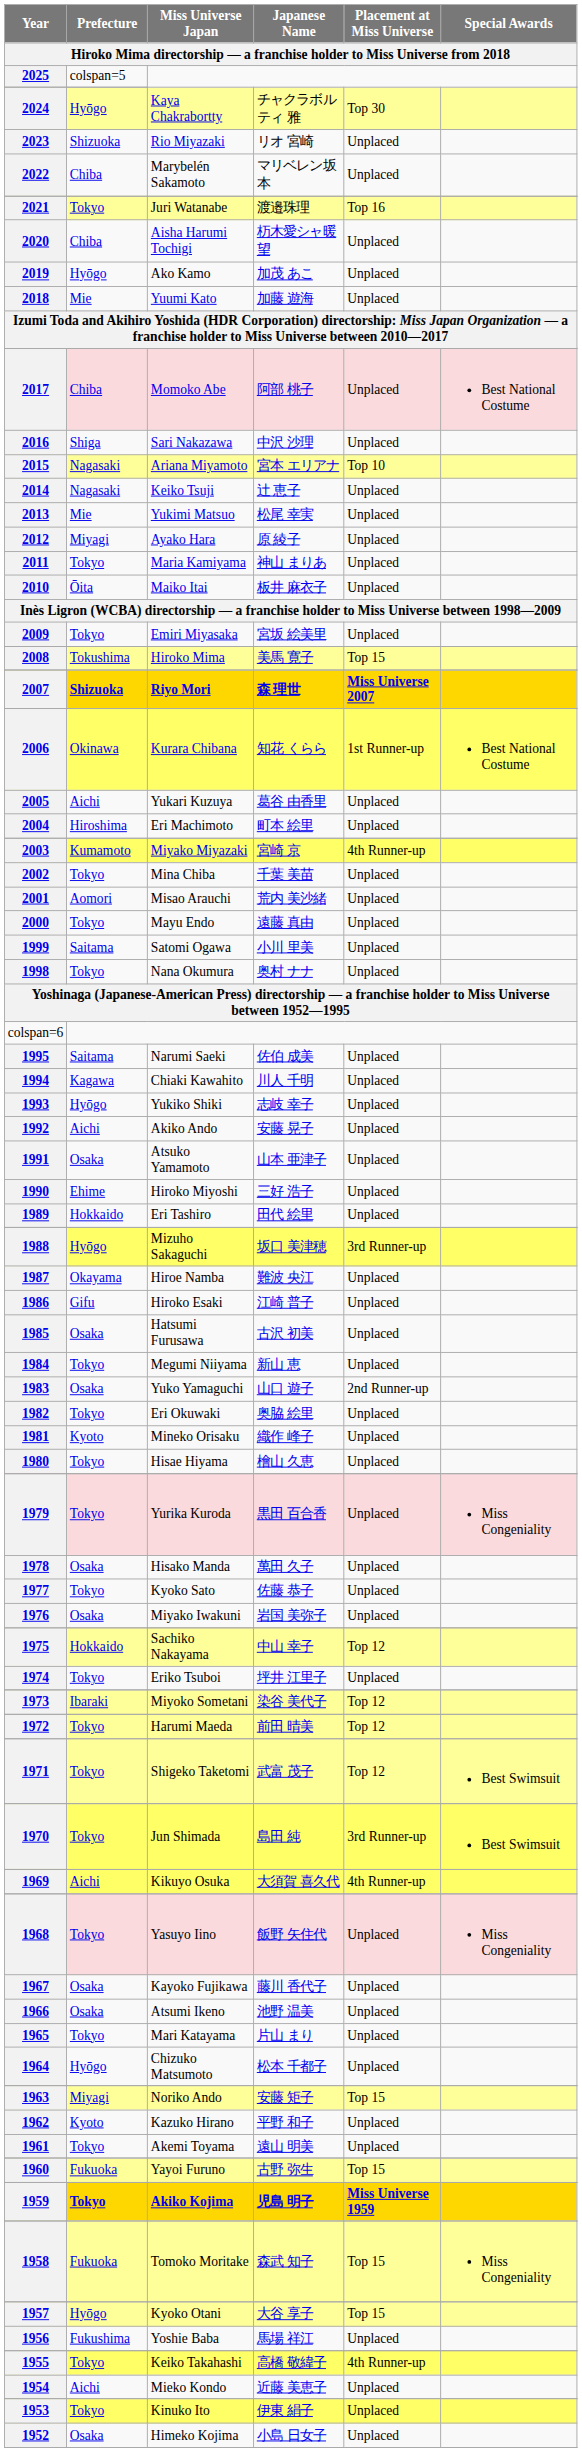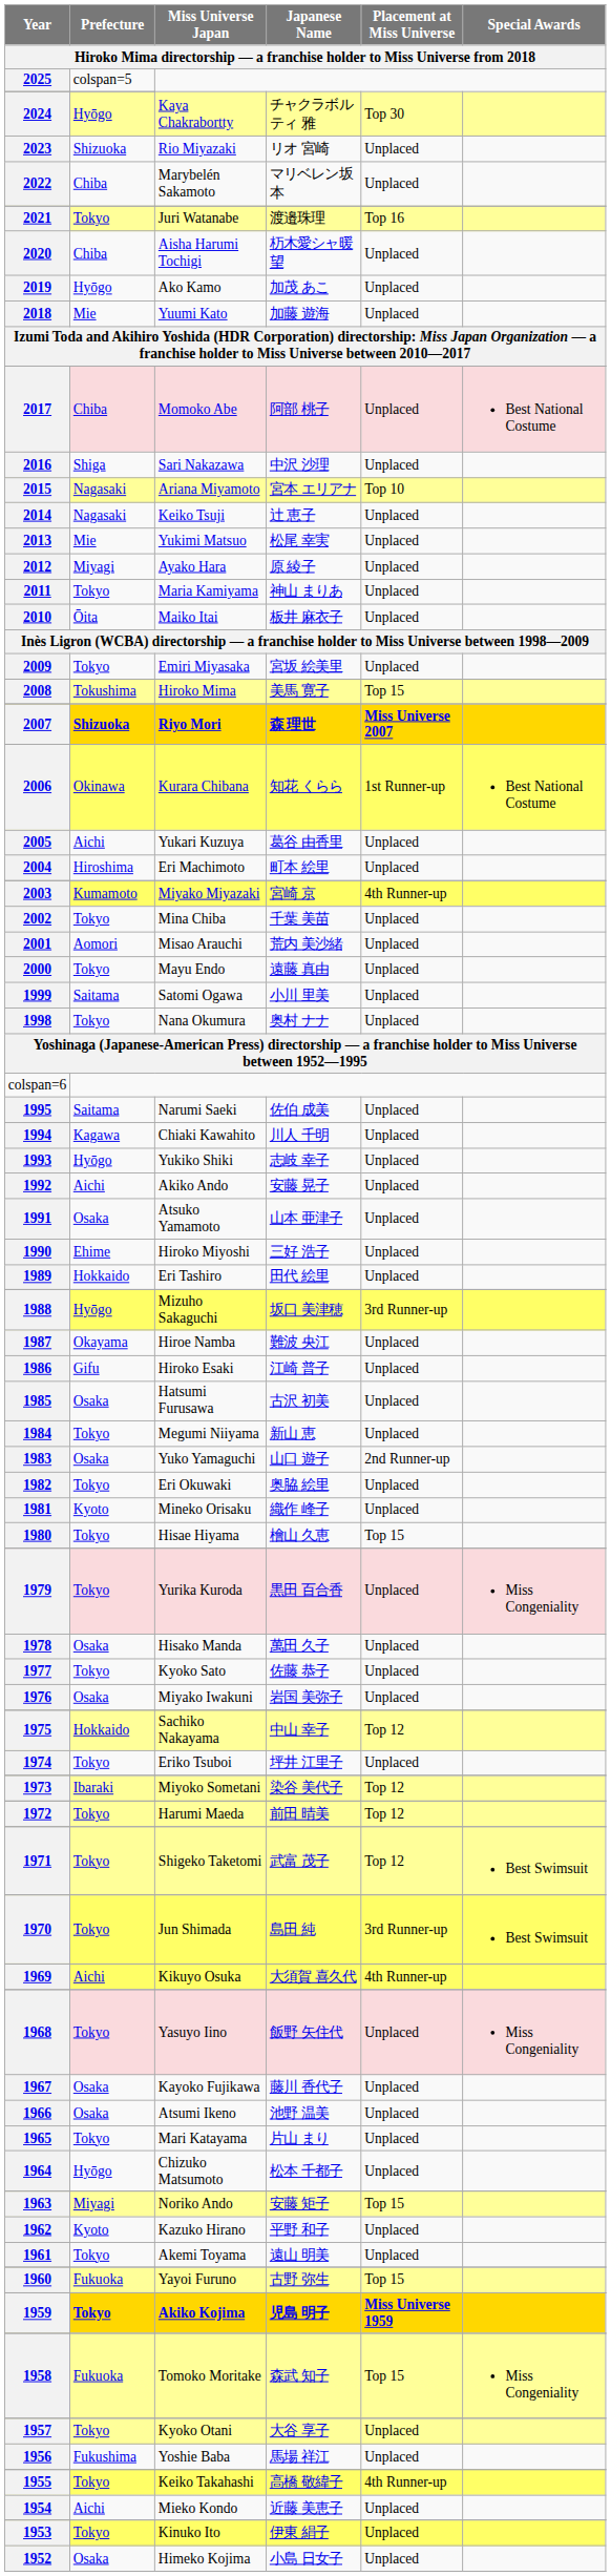 <table class="wikitable " style="font-size: 90%;">
 <tr>
 <th width="60" style="background-color:#787878;color:#FFFFFF;">Year</th>
 <th width="150" style="background-color:#787878;color:#FFFFFF;">Prefecture</th>
 <th width="250" style="background-color:#787878;color:#FFFFFF;">Miss Universe Japan</th>
 <th width="250" style="background-color:#787878;color:#FFFFFF;">Japanese Name</th>
 <th width="250" style="background-color:#787878;color:#FFFFFF;">Placement at Miss Universe</th>
 <th width="250" style="background-color:#787878;color:#FFFFFF;">Special Awards</th>
 </tr>
 <tr>
 <th colspan="6">Hiroko Mima directorship — a franchise holder to Miss Universe from 2018</th>
 </tr>
 <tr>
 <th><a href='#'>2025</a></th>
 <td>colspan=5 </td>
 </tr>
 <tr>
 </tr>
 <tr style="background-color:#FFFF99;">
 <th><a href='#'>2024</a></th>
 <td><a href='#'>Hyōgo</a></td>
 <td><a href='#'>Kaya Chakrabortty</a></td>
 <td>チャクラボルティ 雅</td>
 <td>Top 30</td>
 <td></td>
 </tr>
 <tr>
 <th><a href='#'>2023</a></th>
 <td><a href='#'>Shizuoka</a></td>
 <td><a href='#'>Rio Miyazaki</a></td>
 <td>リオ  宮崎</td>
 <td>Unplaced</td>
 <td></td>
 </tr>
 <tr>
 <th><a href='#'>2022</a></th>
 <td><a href='#'>Chiba</a></td>
 <td>Marybelén Sakamoto</td>
 <td>マリベレン坂本</td>
 <td>Unplaced</td>
 <td></td>
 </tr>
 <tr>
 </tr>
 <tr style="background-color:#FFFF99;">
 <th><a href='#'>2021</a></th>
 <td><a href='#'>Tokyo</a></td>
 <td>Juri Watanabe</td>
 <td>渡邉珠理</td>
 <td>Top 16</td>
 <td></td>
 </tr>
 <tr>
 <th><a href='#'>2020</a></th>
 <td><a href='#'>Chiba</a></td>
 <td><a href='#'>Aisha Harumi Tochigi</a></td>
 <td><a href='#'>杤木愛シャ暖望</a></td>
 <td>Unplaced</td>
 <td></td>
 </tr>
 <tr>
 <th><a href='#'>2019</a></th>
 <td><a href='#'>Hyōgo</a></td>
 <td>Ako Kamo</td>
 <td><a href='#'>加茂 あこ</a></td>
 <td>Unplaced</td>
 <td></td>
 </tr>
 <tr>
 <th><a href='#'>2018</a></th>
 <td><a href='#'>Mie</a></td>
 <td><a href='#'>Yuumi Kato</a></td>
 <td><a href='#'>加藤 遊海</a></td>
 <td>Unplaced</td>
 <td></td>
 </tr>
 <tr>
 <th colspan="6">Izumi Toda and Akihiro Yoshida (HDR Corporation) directorship: <em>Miss Japan Organization</em> — a franchise holder to Miss Universe between 2010―2017</th>
 </tr>
 <tr>
 </tr>
 <tr style="background-color:#FADADD; ">
 <th><a href='#'>2017</a></th>
 <td><a href='#'>Chiba</a></td>
 <td><a href='#'>Momoko Abe</a></td>
 <td><a href='#'>阿部 桃子</a></td>
 <td>Unplaced</td>
 <td align="left"><br><ul><li>Best National Costume</li></ul></td>
 </tr>
 <tr>
 <th><a href='#'>2016</a></th>
 <td><a href='#'>Shiga</a></td>
 <td><a href='#'>Sari Nakazawa</a></td>
 <td><a href='#'>中沢 沙理</a></td>
 <td>Unplaced</td>
 <td></td>
 </tr>
 <tr style="background-color:#FFFF99;">
 <th><a href='#'>2015</a></th>
 <td><a href='#'>Nagasaki</a></td>
 <td><a href='#'>Ariana Miyamoto</a></td>
 <td><a href='#'>宮本 エリアナ</a></td>
 <td>Top 10</td>
 <td></td>
 </tr>
 <tr>
 <th><a href='#'>2014</a></th>
 <td><a href='#'>Nagasaki</a></td>
 <td><a href='#'>Keiko Tsuji</a></td>
 <td><a href='#'>辻 恵子</a></td>
 <td>Unplaced</td>
 <td></td>
 </tr>
 <tr>
 <th><a href='#'>2013</a></th>
 <td><a href='#'>Mie</a></td>
 <td><a href='#'>Yukimi Matsuo</a></td>
 <td><a href='#'>松尾 幸実</a></td>
 <td>Unplaced</td>
 <td></td>
 </tr>
 <tr>
 <th><a href='#'>2012</a></th>
 <td><a href='#'>Miyagi</a></td>
 <td><a href='#'>Ayako Hara</a></td>
 <td><a href='#'>原 綾子</a></td>
 <td>Unplaced</td>
 <td></td>
 </tr>
 <tr>
 <th><a href='#'>2011</a></th>
 <td><a href='#'>Tokyo</a></td>
 <td><a href='#'>Maria Kamiyama</a></td>
 <td><a href='#'>神山 まりあ</a></td>
 <td>Unplaced</td>
 <td></td>
 </tr>
 <tr>
 <th><a href='#'>2010</a></th>
 <td><a href='#'>Ōita</a></td>
 <td><a href='#'>Maiko Itai</a></td>
 <td><a href='#'>板井 麻衣子</a></td>
 <td>Unplaced</td>
 <td></td>
 </tr>
 <tr>
 <th colspan="6">Inès Ligron (WCBA) directorship — a franchise holder to Miss Universe between 1998―2009</th>
 </tr>
 <tr>
 <th><a href='#'>2009</a></th>
 <td><a href='#'>Tokyo</a></td>
 <td><a href='#'>Emiri Miyasaka</a></td>
 <td><a href='#'>宮坂 絵美里</a></td>
 <td>Unplaced</td>
 <td></td>
 </tr>
 <tr>
 </tr>
 <tr style="background-color:#FFFF99;">
 <th><a href='#'>2008</a></th>
 <td><a href='#'>Tokushima</a></td>
 <td><a href='#'>Hiroko Mima</a></td>
 <td><a href='#'>美馬 寛子</a></td>
 <td>Top 15</td>
 <td></td>
 </tr>
 <tr>
 </tr>
 <tr style="background-color:gold; font-weight: bold ">
 <th><a href='#'>2007</a></th>
 <td><a href='#'>Shizuoka</a></td>
 <td><a href='#'>Riyo Mori</a></td>
 <td><a href='#'>森 理世</a></td>
 <td><a href='#'>Miss Universe 2007</a></td>
 <td></td>
 </tr>
 <tr>
 </tr>
 <tr style="background-color:#FFFF66; ">
 <th><a href='#'>2006</a></th>
 <td><a href='#'>Okinawa</a></td>
 <td><a href='#'>Kurara Chibana</a></td>
 <td><a href='#'>知花 くらら</a></td>
 <td>1st Runner-up</td>
 <td align="left"><br><ul><li>Best National Costume</li></ul></td>
 </tr>
 <tr>
 <th><a href='#'>2005</a></th>
 <td><a href='#'>Aichi</a></td>
 <td>Yukari Kuzuya</td>
 <td><a href='#'>葛谷 由香里</a></td>
 <td>Unplaced</td>
 <td></td>
 </tr>
 <tr>
 <th><a href='#'>2004</a></th>
 <td><a href='#'>Hiroshima</a></td>
 <td>Eri Machimoto</td>
 <td><a href='#'>町本 絵里</a></td>
 <td>Unplaced</td>
 <td></td>
 </tr>
 <tr>
 </tr>
 <tr style="background-color:#FFFF66;">
 <th><a href='#'>2003</a></th>
 <td><a href='#'>Kumamoto</a></td>
 <td><a href='#'>Miyako Miyazaki</a></td>
 <td><a href='#'>宮崎 京</a></td>
 <td>4th Runner-up</td>
 <td></td>
 </tr>
 <tr>
 <th><a href='#'>2002</a></th>
 <td><a href='#'>Tokyo</a></td>
 <td>Mina Chiba</td>
 <td><a href='#'>千葉 美苗</a></td>
 <td>Unplaced</td>
 <td></td>
 </tr>
 <tr>
 <th><a href='#'>2001</a></th>
 <td><a href='#'>Aomori</a></td>
 <td>Misao Arauchi</td>
 <td><a href='#'>荒内 美沙緒</a></td>
 <td>Unplaced</td>
 <td></td>
 </tr>
 <tr>
 <th><a href='#'>2000</a></th>
 <td><a href='#'>Tokyo</a></td>
 <td>Mayu Endo</td>
 <td><a href='#'>遠藤 真由</a></td>
 <td>Unplaced</td>
 <td></td>
 </tr>
 <tr>
 <th><a href='#'>1999</a></th>
 <td><a href='#'>Saitama</a></td>
 <td>Satomi Ogawa</td>
 <td><a href='#'>小川 里美</a></td>
 <td>Unplaced</td>
 <td></td>
 </tr>
 <tr>
 <th><a href='#'>1998</a></th>
 <td><a href='#'>Tokyo</a></td>
 <td>Nana Okumura</td>
 <td><a href='#'>奥村 ナナ</a></td>
 <td>Unplaced</td>
 <td></td>
 </tr>
 <tr>
 <th colspan="6">Yoshinaga (Japanese-American Press) directorship — a franchise holder to Miss Universe between 1952―1995</th>
 </tr>
 <tr>
 <td>colspan=6 </td>
 </tr>
 <tr>
 <th><a href='#'>1995</a></th>
 <td><a href='#'>Saitama</a></td>
 <td>Narumi Saeki</td>
 <td><a href='#'>佐伯 成美</a></td>
 <td>Unplaced</td>
 <td></td>
 </tr>
 <tr>
 <th><a href='#'>1994</a></th>
 <td><a href='#'>Kagawa</a></td>
 <td>Chiaki Kawahito</td>
 <td><a href='#'>川人 千明</a></td>
 <td>Unplaced</td>
 <td></td>
 </tr>
 <tr>
 <th><a href='#'>1993</a></th>
 <td><a href='#'>Hyōgo</a></td>
 <td>Yukiko Shiki</td>
 <td><a href='#'>志岐 幸子</a></td>
 <td>Unplaced</td>
 <td></td>
 </tr>
 <tr>
 <th><a href='#'>1992</a></th>
 <td><a href='#'>Aichi</a></td>
 <td>Akiko Ando</td>
 <td><a href='#'>安藤 晃子</a></td>
 <td>Unplaced</td>
 <td></td>
 </tr>
 <tr>
 <th><a href='#'>1991</a></th>
 <td><a href='#'>Osaka</a></td>
 <td>Atsuko Yamamoto</td>
 <td><a href='#'>山本 亜津子</a></td>
 <td>Unplaced</td>
 <td></td>
 </tr>
 <tr>
 <th><a href='#'>1990</a></th>
 <td><a href='#'>Ehime</a></td>
 <td>Hiroko Miyoshi</td>
 <td><a href='#'>三好 浩子</a></td>
 <td>Unplaced</td>
 <td></td>
 </tr>
 <tr>
 <th><a href='#'>1989</a></th>
 <td><a href='#'>Hokkaido</a></td>
 <td>Eri Tashiro</td>
 <td><a href='#'>田代 絵里</a></td>
 <td>Unplaced</td>
 <td></td>
 </tr>
 <tr>
 </tr>
 <tr style="background-color:#FFFF66;">
 <th><a href='#'>1988</a></th>
 <td><a href='#'>Hyōgo</a></td>
 <td>Mizuho Sakaguchi</td>
 <td><a href='#'>坂口 美津穂</a></td>
 <td>3rd Runner-up</td>
 <td></td>
 </tr>
 <tr>
 <th><a href='#'>1987</a></th>
 <td><a href='#'>Okayama</a></td>
 <td>Hiroe Namba</td>
 <td><a href='#'>難波 央江</a></td>
 <td>Unplaced</td>
 <td></td>
 </tr>
 <tr>
 <th><a href='#'>1986</a></th>
 <td><a href='#'>Gifu</a></td>
 <td>Hiroko Esaki</td>
 <td><a href='#'>江崎 普子</a></td>
 <td>Unplaced</td>
 <td></td>
 </tr>
 <tr>
 <th><a href='#'>1985</a></th>
 <td><a href='#'>Osaka</a></td>
 <td>Hatsumi Furusawa</td>
 <td><a href='#'>古沢 初美</a></td>
 <td>Unplaced</td>
 <td></td>
 </tr>
 <tr>
 <th><a href='#'>1984</a></th>
 <td><a href='#'>Tokyo</a></td>
 <td>Megumi Niiyama</td>
 <td><a href='#'>新山 恵</a></td>
 <td>Unplaced</td>
 <td></td>
 </tr>
 <tr>
 <th><a href='#'>1983</a></th>
 <td><a href='#'>Osaka</a></td>
 <td>Yuko Yamaguchi</td>
 <td><a href='#'>山口 遊子</a></td>
 <td>2nd Runner-up</td>
 <td></td>
 </tr>
 <tr>
 <th><a href='#'>1982</a></th>
 <td><a href='#'>Tokyo</a></td>
 <td>Eri Okuwaki</td>
 <td><a href='#'>奥脇 絵里</a></td>
 <td>Unplaced</td>
 <td></td>
 </tr>
 <tr>
 <th><a href='#'>1981</a></th>
 <td><a href='#'>Kyoto</a></td>
 <td>Mineko Orisaku</td>
 <td><a href='#'>織作 峰子</a></td>
 <td>Unplaced</td>
 <td></td>
 </tr>
 <tr>
 <th><a href='#'>1980</a></th>
 <td><a href='#'>Tokyo</a></td>
 <td>Hisae Hiyama</td>
 <td><a href='#'>檜山 久恵</a></td>
-<td>Unplaced</td>
+<td>Top 15</td>
 <td></td>
 </tr>
 <tr>
 </tr>
 <tr style="background-color:#FADADD; ">
 <th><a href='#'>1979</a></th>
 <td><a href='#'>Tokyo</a></td>
 <td>Yurika Kuroda</td>
 <td><a href='#'>黒田 百合香</a></td>
 <td>Unplaced</td>
 <td align="left"><br><ul><li>Miss Congeniality</li></ul></td>
 </tr>
 <tr>
 <th><a href='#'>1978</a></th>
 <td><a href='#'>Osaka</a></td>
 <td>Hisako Manda</td>
 <td><a href='#'>萬田 久子</a></td>
 <td>Unplaced</td>
 <td></td>
 </tr>
 <tr>
 <th><a href='#'>1977</a></th>
 <td><a href='#'>Tokyo</a></td>
 <td>Kyoko Sato</td>
 <td><a href='#'>佐藤 恭子</a></td>
 <td>Unplaced</td>
 <td></td>
 </tr>
 <tr>
 <th><a href='#'>1976</a></th>
 <td><a href='#'>Osaka</a></td>
 <td>Miyako Iwakuni</td>
 <td><a href='#'>岩国 美弥子</a></td>
 <td>Unplaced</td>
 <td></td>
 </tr>
 <tr>
 </tr>
 <tr style="background-color:#FFFF99;">
 <th><a href='#'>1975</a></th>
 <td><a href='#'>Hokkaido</a></td>
 <td>Sachiko Nakayama</td>
 <td><a href='#'>中山 幸子</a></td>
 <td>Top 12</td>
 <td></td>
 </tr>
 <tr>
 <th><a href='#'>1974</a></th>
 <td><a href='#'>Tokyo</a></td>
 <td>Eriko Tsuboi</td>
 <td><a href='#'>坪井 江里子</a></td>
 <td>Unplaced</td>
 <td></td>
 </tr>
 <tr>
 </tr>
 <tr style="background-color:#FFFF99;">
 <th><a href='#'>1973</a></th>
 <td><a href='#'>Ibaraki</a></td>
 <td>Miyoko Sometani</td>
 <td><a href='#'>染谷 美代子</a></td>
 <td>Top 12</td>
 <td></td>
 </tr>
 <tr>
 </tr>
 <tr style="background-color:#FFFF99;">
 <th><a href='#'>1972</a></th>
 <td><a href='#'>Tokyo</a></td>
 <td>Harumi Maeda</td>
 <td><a href='#'>前田 晴美</a></td>
 <td>Top 12</td>
 <td></td>
 </tr>
 <tr>
 </tr>
 <tr style="background-color:#FFFF99;">
 <th><a href='#'>1971</a></th>
 <td><a href='#'>Tokyo</a></td>
 <td>Shigeko Taketomi</td>
 <td><a href='#'>武富 茂子</a></td>
 <td>Top 12</td>
 <td align="left"><br><ul><li>Best Swimsuit</li></ul></td>
 </tr>
 <tr>
 </tr>
 <tr style="background-color:#FFFF66;">
 <th><a href='#'>1970</a></th>
 <td><a href='#'>Tokyo</a></td>
 <td>Jun Shimada</td>
 <td><a href='#'>島田 純</a></td>
 <td>3rd Runner-up</td>
 <td align="left"><br><ul><li>Best Swimsuit</li></ul></td>
 </tr>
 <tr>
 </tr>
 <tr style="background-color:#FFFF66;">
 <th><a href='#'>1969</a></th>
 <td><a href='#'>Aichi</a></td>
 <td>Kikuyo Osuka</td>
 <td><a href='#'>大須賀 喜久代</a></td>
 <td>4th Runner-up</td>
 <td></td>
 </tr>
 <tr>
 </tr>
 <tr style="background-color:#FADADD; ">
 <th><a href='#'>1968</a></th>
 <td><a href='#'>Tokyo</a></td>
 <td>Yasuyo Iino</td>
 <td><a href='#'>飯野 矢住代</a></td>
 <td>Unplaced</td>
 <td align="left"><br><ul><li>Miss Congeniality</li></ul></td>
 </tr>
 <tr>
 <th><a href='#'>1967</a></th>
 <td><a href='#'>Osaka</a></td>
 <td>Kayoko Fujikawa</td>
 <td><a href='#'>藤川 香代子</a></td>
 <td>Unplaced</td>
 <td></td>
 </tr>
 <tr>
 <th><a href='#'>1966</a></th>
 <td><a href='#'>Osaka</a></td>
 <td>Atsumi Ikeno</td>
 <td><a href='#'>池野 温美</a></td>
 <td>Unplaced</td>
 <td></td>
 </tr>
 <tr>
 <th><a href='#'>1965</a></th>
 <td><a href='#'>Tokyo</a></td>
 <td>Mari Katayama</td>
 <td><a href='#'>片山 まり</a></td>
 <td>Unplaced</td>
 <td></td>
 </tr>
 <tr>
 <th><a href='#'>1964</a></th>
 <td><a href='#'>Hyōgo</a></td>
 <td>Chizuko Matsumoto</td>
 <td><a href='#'>松本 千都子</a></td>
 <td>Unplaced</td>
 <td></td>
 </tr>
 <tr>
 </tr>
 <tr style="background-color:#FFFF99;">
 <th><a href='#'>1963</a></th>
 <td><a href='#'>Miyagi</a></td>
 <td>Noriko Ando</td>
 <td><a href='#'>安藤 矩子</a></td>
 <td>Top 15</td>
 <td></td>
 </tr>
 <tr>
 <th><a href='#'>1962</a></th>
 <td><a href='#'>Kyoto</a></td>
 <td>Kazuko Hirano</td>
 <td><a href='#'>平野 和子</a></td>
 <td>Unplaced</td>
 <td></td>
 </tr>
 <tr>
 <th><a href='#'>1961</a></th>
 <td><a href='#'>Tokyo</a></td>
 <td>Akemi Toyama</td>
 <td><a href='#'>遠山 明美</a></td>
 <td>Unplaced</td>
 <td></td>
 </tr>
 <tr>
 </tr>
 <tr style="background-color:#FFFF99;">
 <th><a href='#'>1960</a></th>
 <td><a href='#'>Fukuoka</a></td>
 <td>Yayoi Furuno</td>
 <td><a href='#'>古野 弥生</a></td>
 <td>Top 15</td>
 <td></td>
 </tr>
 <tr>
 </tr>
 <tr style="background-color:gold; font-weight: bold ">
 <th><a href='#'>1959</a></th>
 <td><a href='#'>Tokyo</a></td>
 <td><a href='#'>Akiko Kojima</a></td>
 <td><a href='#'>児島 明子</a></td>
 <td><a href='#'>Miss Universe 1959</a></td>
 <td></td>
 </tr>
 <tr>
 </tr>
 <tr style="background-color:#FFFF99;">
 <th><a href='#'>1958</a></th>
 <td><a href='#'>Fukuoka</a></td>
 <td>Tomoko Moritake</td>
 <td><a href='#'>森武 知子</a></td>
 <td>Top 15</td>
 <td align="left"><br><ul><li>Miss Congeniality</li></ul></td>
 </tr>
 <tr>
 </tr>
 <tr style="background-color:#FFFF99;">
 <th><a href='#'>1957</a></th>
-<td><a href='#'>Hyōgo</a></td>
+<td><a href='#'>Tokyo</a></td>
 <td>Kyoko Otani</td>
 <td><a href='#'>大谷 享子</a></td>
-<td>Top 15</td>
+<td>Unplaced</td>
 <td></td>
 </tr>
 <tr>
 <th><a href='#'>1956</a></th>
 <td><a href='#'>Fukushima</a></td>
 <td>Yoshie Baba</td>
 <td><a href='#'>馬場 祥江</a></td>
 <td>Unplaced</td>
 <td></td>
 </tr>
 <tr>
 </tr>
 <tr style="background-color:#FFFF66;">
 <th><a href='#'>1955</a></th>
 <td><a href='#'>Tokyo</a></td>
 <td>Keiko Takahashi</td>
 <td><a href='#'>高橋 敬緯子</a></td>
 <td>4th Runner-up</td>
 <td></td>
 </tr>
 <tr>
 <th><a href='#'>1954</a></th>
 <td><a href='#'>Aichi</a></td>
 <td>Mieko Kondo</td>
 <td><a href='#'>近藤 美恵子</a></td>
 <td>Unplaced</td>
 <td></td>
 </tr>
 <tr>
 </tr>
 <tr style="background-color:#FFFF66;">
 <th><a href='#'>1953</a></th>
 <td><a href='#'>Tokyo</a></td>
 <td>Kinuko Ito</td>
 <td><a href='#'>伊東 絹子</a></td>
 <td>Unplaced</td>
 <td></td>
 </tr>
 <tr>
 <th><a href='#'>1952</a></th>
 <td><a href='#'>Osaka</a></td>
 <td>Himeko Kojima</td>
 <td><a href='#'>小島 日女子</a></td>
 <td>Unplaced</td>
 <td></td>
 </tr>
 <tr>
 </tr>
 </table>
